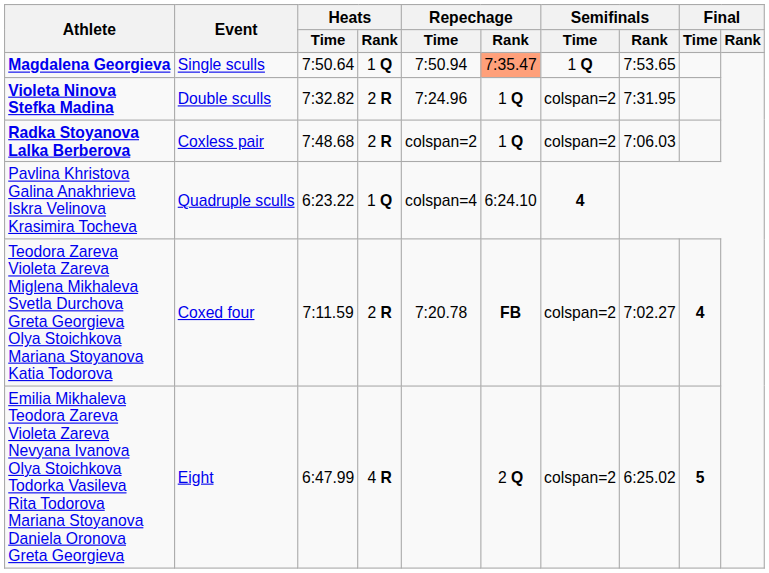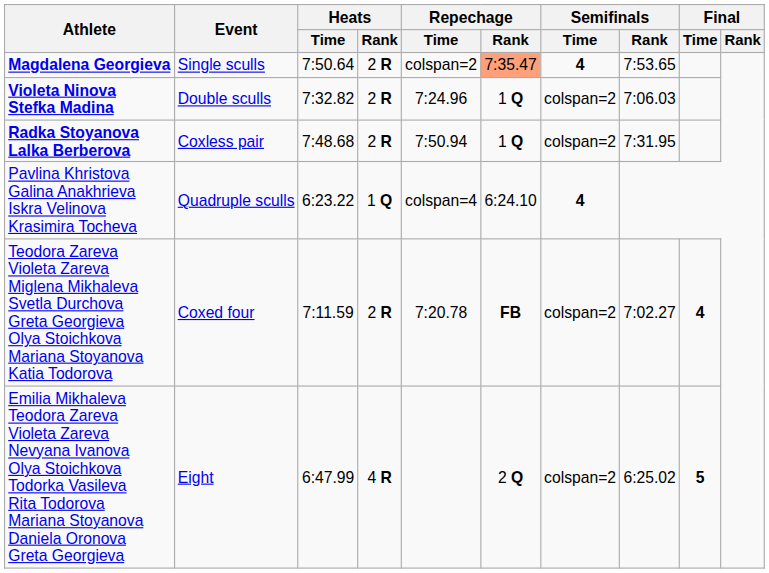 <table class="wikitable" style="font-size:90%; text-align:center;">
 <tr>
 <th rowspan="2">Athlete</th>
 <th rowspan="2">Event</th>
 <th colspan="2">Heats</th>
 <th colspan="2">Repechage</th>
 <th colspan="2">Semifinals</th>
 <th colspan="2">Final</th>
 </tr>
 <tr style="font-size:95%">
 <th>Time</th>
 <th>Rank</th>
 <th>Time</th>
 <th>Rank</th>
 <th>Time</th>
 <th>Rank</th>
 <th>Time</th>
 <th>Rank</th>
 </tr>
 <tr>
 <td align=left><strong><a href='#'>Magdalena Georgieva</a></strong></td>
 <td align=left><a href='#'>Single sculls</a></td>
 <td>7:50.64</td>
-<td>1 <strong>Q</strong></td>
-<td>7:50.94</td>
+<td>2 <strong>R</strong></td>
+<td>colspan=2 </td>
 <td style="background: lightsalmon;">7:35.47</td>
-<td>1 <strong>Q</strong></td>
+<td><strong>4</strong></td>
 <td>7:53.65</td>
 <td></td>
 </tr>
 <tr>
 <td align=left><strong><a href='#'>Violeta Ninova</a><br><a href='#'>Stefka Madina</a></strong></td>
 <td align=left><a href='#'>Double sculls</a></td>
 <td>7:32.82</td>
 <td>2 <strong>R</strong></td>
 <td>7:24.96</td>
 <td>1 <strong>Q</strong></td>
 <td>colspan=2 </td>
-<td>7:31.95</td>
+<td>7:06.03</td>
 <td></td>
 </tr>
 <tr>
 <td align=left><strong><a href='#'>Radka Stoyanova</a><br><a href='#'>Lalka Berberova</a></strong></td>
 <td align=left><a href='#'>Coxless pair</a></td>
 <td>7:48.68</td>
 <td>2 <strong>R</strong></td>
-<td>colspan=2 </td>
+<td>7:50.94</td>
 <td>1 <strong>Q</strong></td>
 <td>colspan=2 </td>
-<td>7:06.03</td>
+<td>7:31.95</td>
 <td></td>
 </tr>
 <tr>
 <td align=left><a href='#'>Pavlina Khristova</a><br><a href='#'>Galina Anakhrieva</a> <br><a href='#'>Iskra Velinova</a> <br><a href='#'>Krasimira Tocheva</a></td>
 <td align=left><a href='#'>Quadruple sculls</a></td>
 <td>6:23.22</td>
 <td>1 <strong>Q</strong></td>
 <td>colspan=4 </td>
 <td>6:24.10</td>
 <td><strong>4</strong></td>
 </tr>
 <tr>
 <td align=left><a href='#'>Teodora Zareva</a><br><a href='#'>Violeta Zareva</a><br><a href='#'>Miglena Mikhaleva</a><br><a href='#'>Svetla Durchova</a> <br><a href='#'>Greta Georgieva</a><br><a href='#'>Olya Stoichkova</a><br><a href='#'>Mariana Stoyanova</a> <br><a href='#'>Katia Todorova</a></td>
 <td align=left><a href='#'>Coxed four</a></td>
 <td>7:11.59</td>
 <td>2 <strong>R</strong></td>
 <td>7:20.78</td>
 <td><strong>FB</strong></td>
 <td>colspan=2 </td>
 <td>7:02.27</td>
 <td><strong>4</strong></td>
 </tr>
 <tr>
 <td align=left><a href='#'>Emilia Mikhaleva</a><br><a href='#'>Teodora Zareva</a><br><a href='#'>Violeta Zareva</a><br><a href='#'>Nevyana Ivanova</a> <br><a href='#'>Olya Stoichkova</a> <br><a href='#'>Todorka Vasileva</a><br><a href='#'>Rita Todorova</a><br><a href='#'>Mariana Stoyanova</a> <br><a href='#'>Daniela Oronova</a> <br><a href='#'>Greta Georgieva</a></td>
 <td align=left><a href='#'>Eight</a></td>
 <td>6:47.99</td>
 <td>4 <strong>R</strong></td>
 <td></td>
 <td>2 <strong>Q</strong></td>
 <td>colspan=2 </td>
 <td>6:25.02</td>
 <td><strong>5</strong></td>
 </tr>
 </table>
